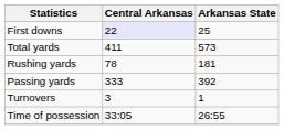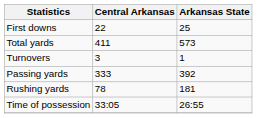 <table class="wikitable">
 <tr>
 <th>Statistics</th>
 <th>Central Arkansas</th>
 <th>Arkansas State</th>
 </tr>
 <tr>
 <td>First downs</td>
-<td style="background: lavender;">22</td>
+<td>22</td>
 <td>25</td>
 </tr>
 <tr>
 <td>Total yards</td>
 <td>411</td>
 <td>573</td>
 </tr>
 <tr>
-<td>Rushing yards</td>
-<td>78</td>
-<td>181</td>
+<td>Turnovers</td>
+<td>3</td>
+<td>1</td>
 </tr>
 <tr>
 <td>Passing yards</td>
 <td>333</td>
 <td>392</td>
 </tr>
 <tr>
-<td>Turnovers</td>
-<td>3</td>
-<td>1</td>
+<td>Rushing yards</td>
+<td>78</td>
+<td>181</td>
 </tr>
 <tr>
 <td>Time of possession</td>
 <td>33:05</td>
 <td>26:55</td>
 </tr>
 <tr>
 </tr>
 </table>
